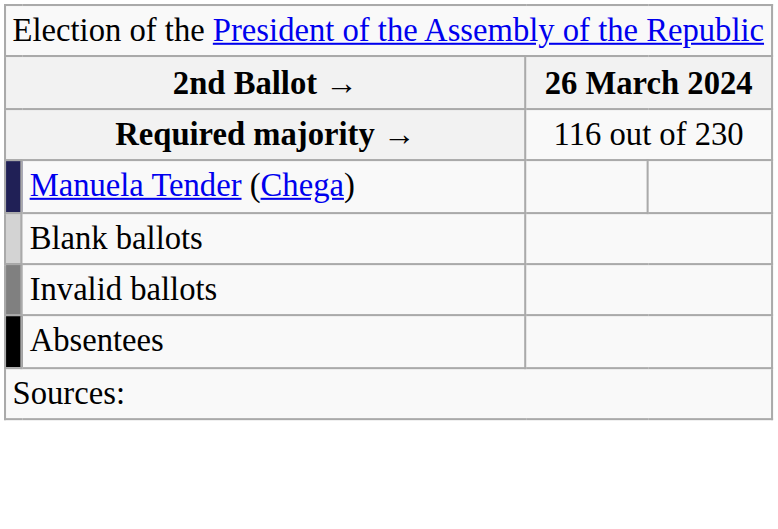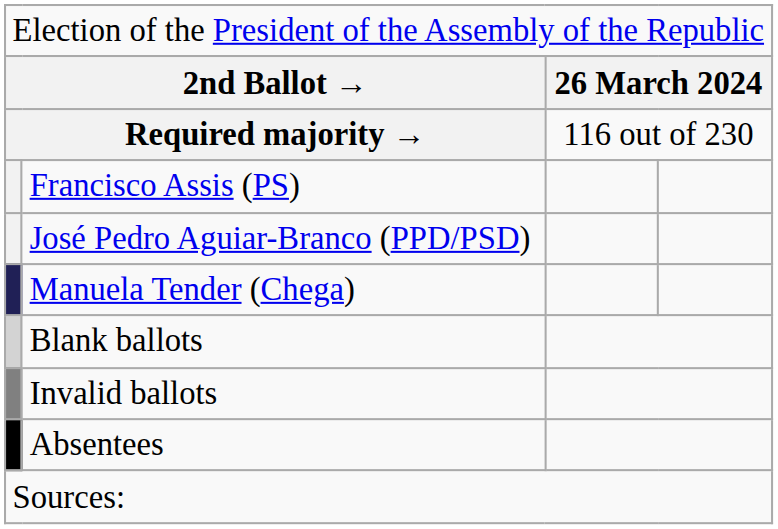 <table class="wikitable" style="text-align:center;">
 <tr>
 <td colspan="4" align="center">Election of the <a href='#'>President of the Assembly of the Republic</a></td>
 </tr>
 <tr>
 <th colspan="2" width="225px">2nd Ballot →</th>
 <th colspan="2">26 March 2024</th>
 </tr>
 <tr>
 <th colspan="2">Required majority →</th>
 <td colspan="2">116 out of 230</td>
+</tr>
+<tr>
+<th width="1px" style="background:"></th>
+<td align="left"><a href='#'>Francisco Assis</a> (<a href='#'>PS</a>)</td>
+<td></td>
+<td></td>
+</tr>
+<tr>
+<th width="1px" style="background:"></th>
+<td align="left"><a href='#'>José Pedro Aguiar-Branco</a> (<a href='#'>PPD/PSD</a>)</td>
+<td></td>
+<td></td>
 </tr>
 <tr>
 <th width="1px" style="background:#202056;"></th>
 <td align="left"><a href='#'>Manuela Tender</a> (<a href='#'>Chega</a>)</td>
 <td></td>
 <td></td>
 </tr>
 <tr>
 <th style="background:lightgray;"></th>
 <td align="left">Blank ballots</td>
 <td colspan="2"></td>
 </tr>
 <tr>
 <th style="background:gray;"></th>
 <td align="left">Invalid ballots</td>
 <td colspan="2"></td>
 </tr>
 <tr>
 <th style="background:black;"></th>
 <td align="left">Absentees</td>
 <td colspan="2"></td>
 </tr>
 <tr>
 <td align="left" colspan="4">Sources: </td>
 </tr>
 </table>
